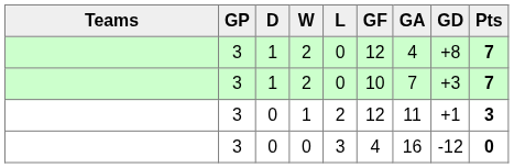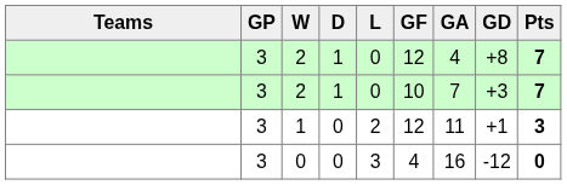 <table style=border-collapse:collapse border=1 cellspacing=0 cellpadding=5>
 <tr align=center bgcolor=#efefef>
 <th width=185>Teams</th>
 <th width=20>GP</th>
+<th width=20>W</th>
 <th width=20>D</th>
-<th width=20>W</th>
 <th width=20>L</th>
 <th width=20>GF</th>
 <th width=20>GA</th>
 <th width=20>GD</th>
 <th width=20>Pts<br></th>
 </tr>
 <tr align=center bgcolor="ccffcc">
 <td style="text-align:left;"></td>
 <td>3</td>
+<td>2</td>
 <td>1</td>
-<td>2</td>
 <td>0</td>
 <td>12</td>
 <td>4</td>
 <td>+8</td>
 <td><strong>7</strong></td>
 </tr>
 <tr align=center bgcolor="ccffcc">
 <td style="text-align:left;"></td>
 <td>3</td>
+<td>2</td>
 <td>1</td>
-<td>2</td>
 <td>0</td>
 <td>10</td>
 <td>7</td>
 <td>+3</td>
 <td><strong>7</strong></td>
 </tr>
 <tr align=center>
 <td style="text-align:left;"></td>
 <td>3</td>
+<td>1</td>
 <td>0</td>
-<td>1</td>
 <td>2</td>
 <td>12</td>
 <td>11</td>
 <td>+1</td>
 <td><strong>3</strong></td>
 </tr>
 <tr align=center>
 <td style="text-align:left;"></td>
 <td>3</td>
 <td>0</td>
 <td>0</td>
 <td>3</td>
 <td>4</td>
 <td>16</td>
 <td>-12</td>
 <td><strong>0</strong></td>
 </tr>
 </table>
